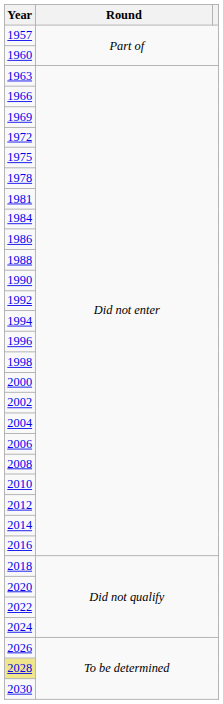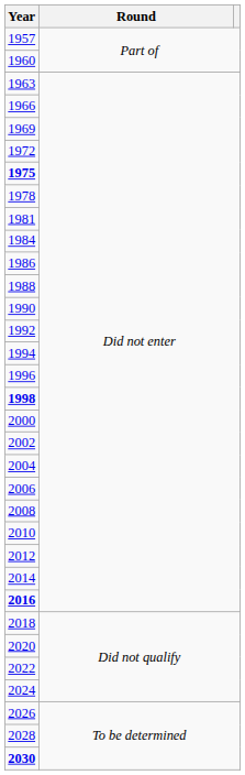 <table class="wikitable" style="text-align: center; font-size:90%">
 <tr>
 <th>Year</th>
 <th style="width:200px">Round</th>
 <th></th>
 </tr>
 <tr>
 <td><a href='#'>1957</a></td>
 <td colspan="2" rowspan="2"><em>Part of </em></td>
 </tr>
 <tr>
 <td><a href='#'>1960</a></td>
 </tr>
 <tr>
 <td><a href='#'>1963</a></td>
 <td colspan="2" rowspan="24"><em>Did not enter</em></td>
 </tr>
 <tr>
 <td><a href='#'>1966</a></td>
 </tr>
 <tr>
 <td><a href='#'>1969</a></td>
 </tr>
 <tr>
 <td><a href='#'>1972</a></td>
 </tr>
 <tr>
-<td><a href='#'>1975</a></td>
+<td><strong><a href='#'>1975</a></strong></td>
 </tr>
 <tr>
 <td><a href='#'>1978</a></td>
 </tr>
 <tr>
 <td><a href='#'>1981</a></td>
 </tr>
 <tr>
 <td><a href='#'>1984</a></td>
 </tr>
 <tr>
 <td><a href='#'>1986</a></td>
 </tr>
 <tr>
 <td><a href='#'>1988</a></td>
 </tr>
 <tr>
 <td><a href='#'>1990</a></td>
 </tr>
 <tr>
 <td><a href='#'>1992</a></td>
 </tr>
 <tr>
 <td><a href='#'>1994</a></td>
 </tr>
 <tr>
 <td><a href='#'>1996</a></td>
 </tr>
 <tr>
-<td><a href='#'>1998</a></td>
+<td><strong><a href='#'>1998</a></strong></td>
 </tr>
 <tr>
 <td><a href='#'>2000</a></td>
 </tr>
 <tr>
 <td><a href='#'>2002</a></td>
 </tr>
 <tr>
 <td><a href='#'>2004</a></td>
 </tr>
 <tr>
 <td><a href='#'>2006</a></td>
 </tr>
 <tr>
 <td><a href='#'>2008</a></td>
 </tr>
 <tr>
 <td><a href='#'>2010</a></td>
 </tr>
 <tr>
 <td><a href='#'>2012</a></td>
 </tr>
 <tr>
 <td><a href='#'>2014</a></td>
 </tr>
 <tr>
-<td><a href='#'>2016</a></td>
+<td><strong><a href='#'>2016</a></strong></td>
 </tr>
 <tr>
 <td><a href='#'>2018</a></td>
 <td colspan="2" rowspan="4"><em>Did not qualify</em></td>
 </tr>
 <tr>
 <td><a href='#'>2020</a></td>
 </tr>
 <tr>
 <td><a href='#'>2022</a></td>
 </tr>
 <tr>
 <td><a href='#'>2024</a></td>
 </tr>
 <tr>
 <td><a href='#'>2026</a></td>
 <td colspan="2" rowspan="3"><em>To be determined</em></td>
 </tr>
 <tr>
-<td style="background: khaki;"><a href='#'>2028</a></td>
+<td><a href='#'>2028</a></td>
 </tr>
 <tr>
-<td><a href='#'>2030</a></td>
+<td><strong><a href='#'>2030</a></strong></td>
 </tr>
 </table>
